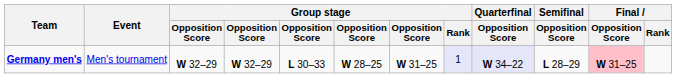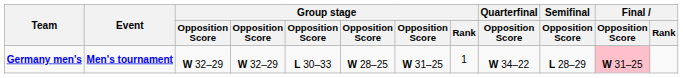 <table class="wikitable" style="font-size:90%">
 <tr>
 <th rowspan=2>Team</th>
 <th rowspan=2>Event</th>
 <th colspan=6>Group stage</th>
 <th>Quarterfinal</th>
 <th>Semifinal</th>
 <th colspan=2>Final / </th>
 </tr>
 <tr style="font-size:95%">
 <th>Opposition<br>Score</th>
 <th>Opposition<br>Score</th>
 <th>Opposition<br>Score</th>
 <th>Opposition<br>Score</th>
 <th>Opposition<br>Score</th>
 <th>Rank</th>
 <th>Opposition<br>Score</th>
 <th>Opposition<br>Score</th>
 <th>Opposition<br>Score</th>
 <th>Rank</th>
 </tr>
 <tr align=center>
 <td align=left><strong><a href='#'>Germany men's</a></strong></td>
-<td align=left><a href='#'>Men's tournament</a></td>
+<td align=left><strong><a href='#'>Men's tournament</a></strong></td>
 <td><br><strong>W</strong> 32–29</td>
 <td><br><strong>W</strong> 32–29</td>
 <td><br><strong>L</strong> 30–33</td>
 <td><br><strong>W</strong> 28–25</td>
 <td><br><strong>W</strong> 31–25</td>
-<td style="background: lavender;">1</td>
-<td style="background: lavender;"><br><strong>W</strong> 34–22</td>
+<td>1</td>
+<td><br><strong>W</strong> 34–22</td>
 <td><br><strong>L</strong> 28–29</td>
 <td style="background: pink;"><br><strong>W</strong> 31–25</td>
 <td></td>
 </tr>
 </table>
